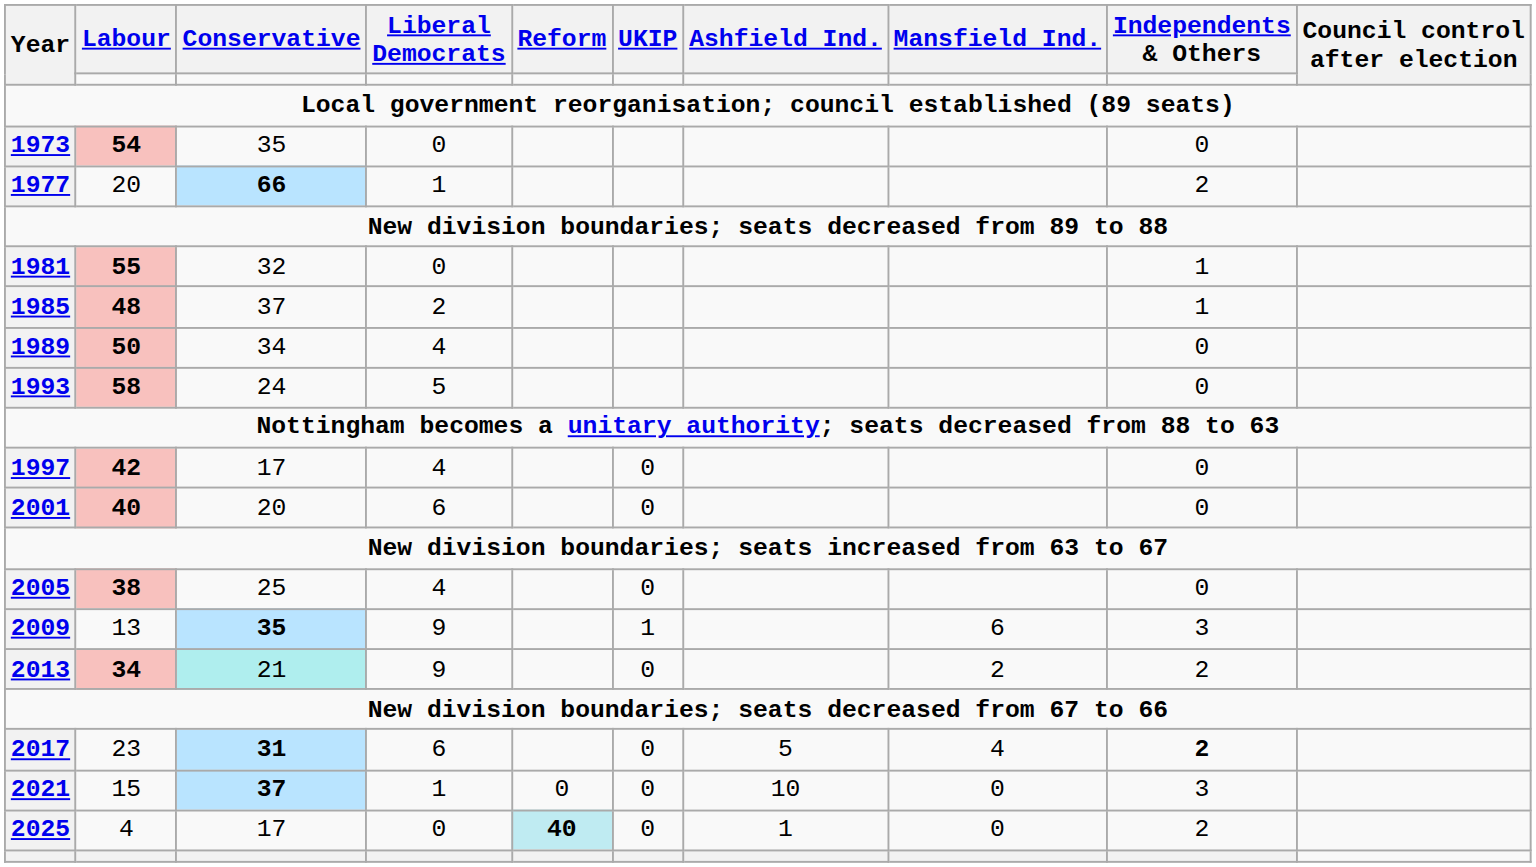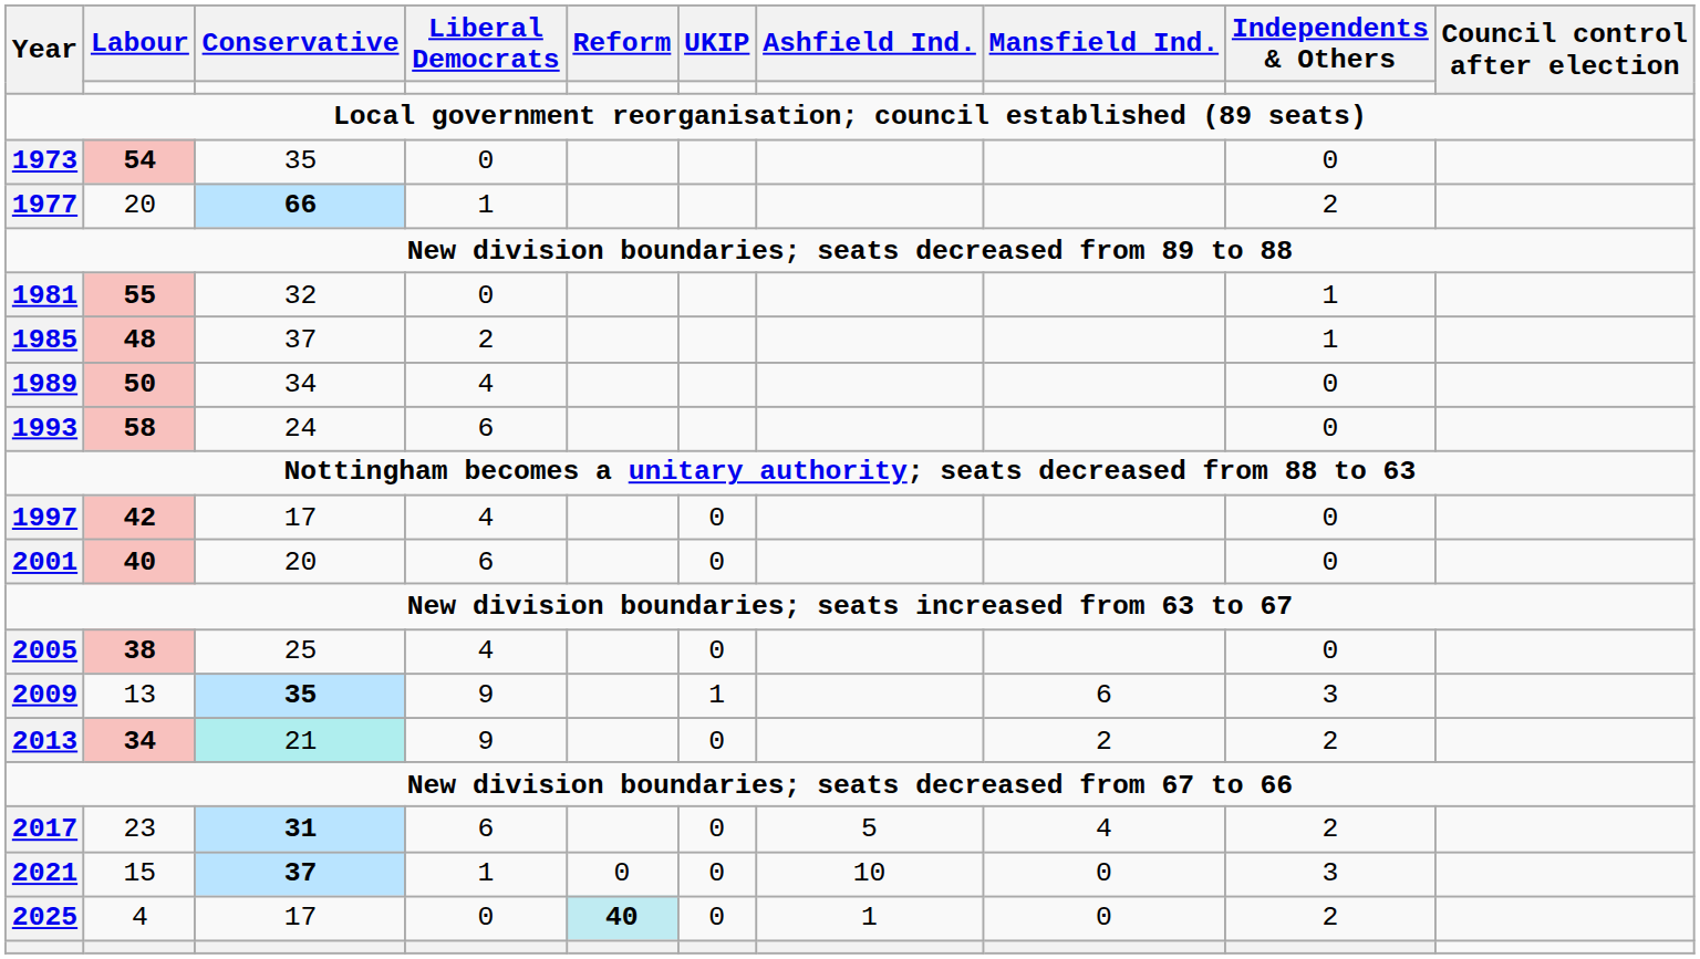 <table class="wikitable plainrowheaders" style="text-align:center">
 <tr>
 <th scope="col" rowspan="2">Year</th>
 <th scope="col"><a href='#'>Labour</a></th>
 <th scope="col"><a href='#'>Conservative</a></th>
 <th scope="col" style="width:1px"><a href='#'>Liberal Democrats</a></th>
 <th scope="col"><a href='#'>Reform</a></th>
 <th scope="col"><a href='#'>UKIP</a></th>
 <th scope="col"><a href='#'>Ashfield Ind.</a></th>
 <th scope="col"><a href='#'>Mansfield Ind.</a></th>
 <th scope="col"><a href='#'>Independents</a><br>& Others</th>
 <th scope="col" rowspan="2" colspan="2">Council control<br>after election</th>
 </tr>
 <tr>
 <td style="background:"></td>
 <td style="background:"></td>
 <td style="background:"></td>
 <td style="background:"></td>
 <td style="background:"></td>
 <td style="background:"></td>
 <td style="background:"></td>
 <td style="background:"></td>
 </tr>
 <tr>
 <td colspan="11"><strong>Local government reorganisation; council established (89 seats)</strong></td>
 </tr>
 <tr>
 <th scope="row"><a href='#'>1973</a></th>
 <td style="background:#F8C1BE;"><strong>54</strong></td>
 <td>35</td>
 <td>0</td>
 <td></td>
 <td></td>
 <td></td>
 <td></td>
 <td>0</td>
 <td></td>
 </tr>
 <tr>
 <th scope="row"><a href='#'>1977</a></th>
 <td>20</td>
 <td style="background:#B9E4FF;"><strong>66</strong></td>
 <td>1</td>
 <td></td>
 <td></td>
 <td></td>
 <td></td>
 <td>2</td>
 <td></td>
 </tr>
 <tr>
 <td colspan="11"><strong>New division boundaries; seats decreased from 89 to 88</strong></td>
 </tr>
 <tr>
 <th scope="row"><a href='#'>1981</a></th>
 <td style="background:#F8C1BE;"><strong>55</strong></td>
 <td>32</td>
 <td>0</td>
 <td></td>
 <td></td>
 <td></td>
 <td></td>
 <td>1</td>
 <td></td>
 </tr>
 <tr>
 <th scope="row"><a href='#'>1985</a></th>
 <td style="background:#F8C1BE;"><strong>48</strong></td>
 <td>37</td>
 <td>2</td>
 <td></td>
 <td></td>
 <td></td>
 <td></td>
 <td>1</td>
 <td></td>
 </tr>
 <tr>
 <th scope="row"><a href='#'>1989</a></th>
 <td style="background:#F8C1BE;"><strong>50</strong></td>
 <td>34</td>
 <td>4</td>
 <td></td>
 <td></td>
 <td></td>
 <td></td>
 <td>0</td>
 <td></td>
 </tr>
 <tr>
 <th scope="row"><a href='#'>1993</a></th>
 <td style="background:#F8C1BE;"><strong>58</strong></td>
 <td>24</td>
-<td>5</td>
+<td>6</td>
 <td></td>
 <td></td>
 <td></td>
 <td></td>
 <td>0</td>
 <td></td>
 </tr>
 <tr>
 <td colspan="11"><strong>Nottingham becomes a <a href='#'>unitary authority</a>; seats decreased from 88 to 63</strong></td>
 </tr>
 <tr>
 <th scope="row"><a href='#'>1997</a></th>
 <td style="background:#F8C1BE;"><strong>42</strong></td>
 <td>17</td>
 <td>4</td>
 <td></td>
 <td>0</td>
 <td></td>
 <td></td>
 <td>0</td>
 <td></td>
 </tr>
 <tr>
 <th scope="row"><a href='#'>2001</a></th>
 <td style="background:#F8C1BE;"><strong>40</strong></td>
 <td>20</td>
 <td>6</td>
 <td></td>
 <td>0</td>
 <td></td>
 <td></td>
 <td>0</td>
 <td></td>
 </tr>
 <tr>
 <td colspan="11"><strong>New division boundaries; seats increased from 63 to 67</strong></td>
 </tr>
 <tr>
 <th scope="row"><a href='#'>2005</a></th>
 <td style="background:#F8C1BE;"><strong>38</strong></td>
 <td>25</td>
 <td>4</td>
 <td></td>
 <td>0</td>
 <td></td>
 <td></td>
 <td>0</td>
 <td></td>
 </tr>
 <tr>
 <th scope="row"><a href='#'>2009</a></th>
 <td>13</td>
 <td style="background:#B9E4FF;"><strong>35</strong></td>
 <td>9</td>
 <td></td>
 <td>1</td>
 <td></td>
 <td>6</td>
 <td>3</td>
 <td></td>
 </tr>
 <tr>
 <th scope="row"><a href='#'>2013</a></th>
 <td style="background:#F8C1BE;"><strong>34</strong></td>
 <td style="background: paleturquoise;">21</td>
 <td>9</td>
 <td></td>
 <td>0</td>
 <td></td>
 <td>2</td>
 <td>2</td>
 <td></td>
 </tr>
 <tr>
 <td colspan="11"><strong>New division boundaries; seats decreased from 67 to 66</strong></td>
 </tr>
 <tr>
 <th scope="row"><a href='#'>2017</a></th>
 <td>23</td>
 <td style="background:#B9E4FF;"><strong>31</strong></td>
 <td>6</td>
 <td></td>
 <td>0</td>
 <td>5</td>
 <td>4</td>
-<td><strong>2</strong></td>
+<td>2</td>
 <td></td>
 </tr>
 <tr>
 <th scope="row"><a href='#'>2021</a></th>
 <td>15</td>
 <td style="background:#B9E4FF;"><strong>37</strong></td>
 <td>1</td>
 <td>0</td>
 <td>0</td>
 <td>10</td>
 <td>0</td>
 <td>3</td>
 <td></td>
 </tr>
 <tr>
 <th scope="row"><a href='#'>2025</a></th>
 <td>4</td>
 <td>17</td>
 <td>0</td>
 <td style="background:#BFEBF2;"><strong>40</strong></td>
 <td>0</td>
 <td>1</td>
 <td>0</td>
 <td>2</td>
 <td></td>
 </tr>
 <tr>
 <th></th>
 <th style="background-color: "></th>
 <th style="background-color: "></th>
 <th style="background-color: "></th>
 <th style="background-color: "></th>
 <th style="background-color: "></th>
 <th style="background-color: "></th>
 <th style="background-color: "></th>
 <th style="background-color: "></th>
 </tr>
 </table>
